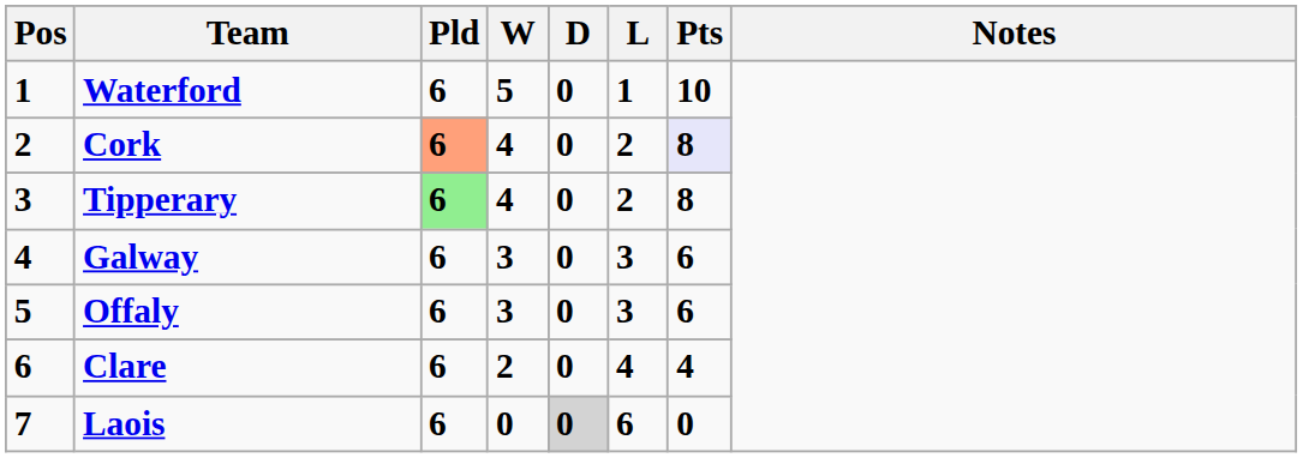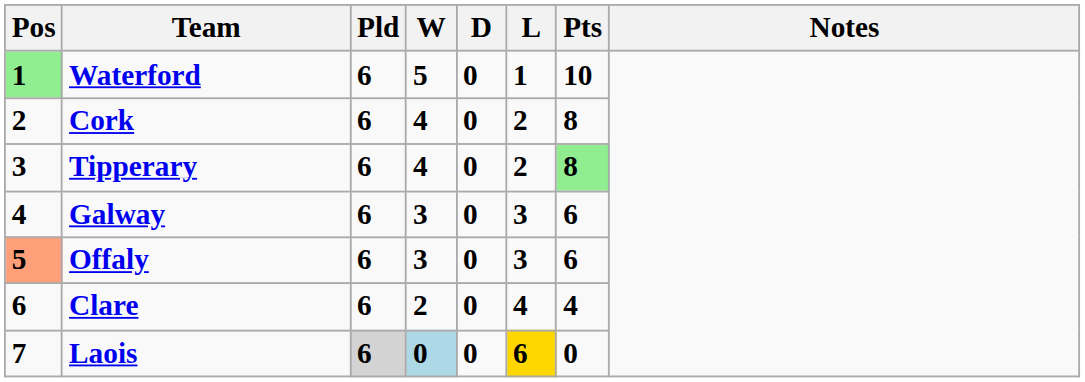 <table class="wikitable" style="text-align: centre;">
 <tr>
 <th width=20>Pos</th>
 <th width=150>Team</th>
 <th width=20>Pld</th>
 <th width=20>W</th>
 <th width=20>D</th>
 <th width=20>L</th>
 <th width=20>Pts</th>
 <th width=250>Notes</th>
 </tr>
 <tr style>
-<td><strong>1</strong></td>
+<td style="background: lightgreen;"><strong>1</strong></td>
 <td align=left><strong> <a href='#'>Waterford</a> </strong></td>
 <td><strong>6</strong></td>
 <td><strong>5</strong></td>
 <td><strong>0</strong></td>
 <td><strong>1</strong></td>
 <td><strong>10</strong></td>
 </tr>
 <tr style>
 <td><strong>2</strong></td>
 <td align=left><strong> <a href='#'>Cork</a> </strong></td>
-<td style="background: lightsalmon;"><strong>6</strong></td>
+<td><strong>6</strong></td>
 <td><strong>4</strong></td>
 <td><strong>0</strong></td>
 <td><strong>2</strong></td>
-<td style="background: lavender;"><strong>8</strong></td>
+<td><strong>8</strong></td>
 </tr>
 <tr style>
 <td><strong>3</strong></td>
 <td align=left><strong> <a href='#'>Tipperary</a> </strong></td>
-<td style="background: lightgreen;"><strong>6</strong></td>
+<td><strong>6</strong></td>
 <td><strong>4</strong></td>
 <td><strong>0</strong></td>
 <td><strong>2</strong></td>
-<td><strong>8</strong></td>
+<td style="background: lightgreen;"><strong>8</strong></td>
 </tr>
 <tr style>
 <td><strong>4</strong></td>
 <td align=left><strong> <a href='#'>Galway</a> </strong></td>
 <td><strong>6</strong></td>
 <td><strong>3</strong></td>
 <td><strong>0</strong></td>
 <td><strong>3</strong></td>
 <td><strong>6</strong></td>
 </tr>
 <tr style>
-<td><strong>5</strong></td>
+<td style="background: lightsalmon;"><strong>5</strong></td>
 <td align=left><strong> <a href='#'>Offaly</a> </strong></td>
 <td><strong>6</strong></td>
 <td><strong>3</strong></td>
 <td><strong>0</strong></td>
 <td><strong>3</strong></td>
 <td><strong>6</strong></td>
 </tr>
 <tr style>
 <td><strong>6</strong></td>
 <td align=left><strong> <a href='#'>Clare</a> </strong></td>
 <td><strong>6</strong></td>
 <td><strong>2</strong></td>
 <td><strong>0</strong></td>
 <td><strong>4</strong></td>
 <td><strong>4</strong></td>
 </tr>
 <tr style>
 <td><strong>7</strong></td>
 <td align=left><strong> <a href='#'>Laois</a> </strong></td>
-<td><strong>6</strong></td>
+<td style="background: lightgrey;"><strong>6</strong></td>
+<td style="background: lightblue;"><strong>0</strong></td>
 <td><strong>0</strong></td>
-<td style="background: lightgrey;"><strong>0</strong></td>
-<td><strong>6</strong></td>
+<td style="background: gold;"><strong>6</strong></td>
 <td><strong>0</strong></td>
 </tr>
 </table>
